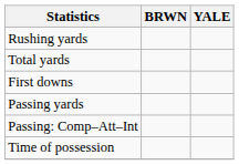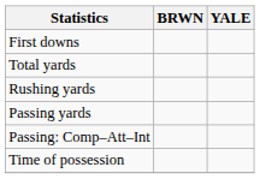 <table class="wikitable" style="float: left;">
 <tr>
 <th>Statistics</th>
 <th>BRWN</th>
 <th>YALE</th>
 </tr>
 <tr>
-<td>Rushing yards</td>
+<td>First downs</td>
 <td></td>
 <td></td>
 </tr>
 <tr>
 <td>Total yards</td>
 <td></td>
 <td></td>
 </tr>
 <tr>
-<td>First downs</td>
+<td>Rushing yards</td>
 <td></td>
 <td></td>
 </tr>
 <tr>
 <td>Passing yards</td>
 <td></td>
 <td></td>
 </tr>
 <tr>
 <td>Passing: Comp–Att–Int</td>
 <td></td>
 <td></td>
 </tr>
 <tr>
 <td>Time of possession</td>
 <td></td>
 <td></td>
 </tr>
 <tr>
 </tr>
 </table>
